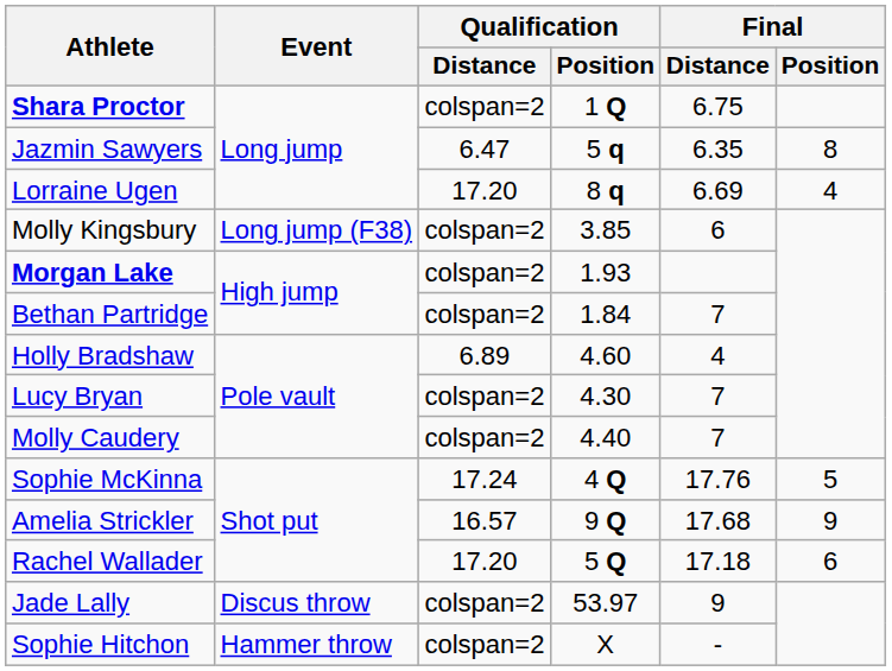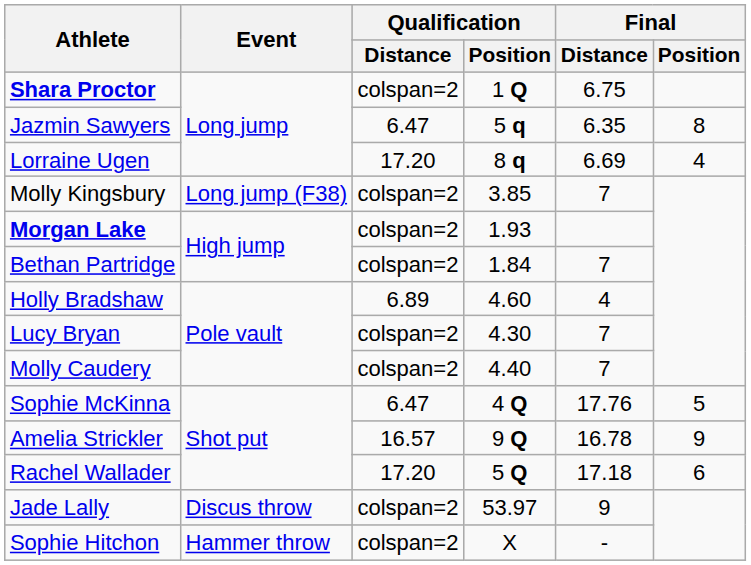 <table class=wikitable style="font-size:90%">
 <tr>
 <th rowspan="2">Athlete</th>
 <th rowspan="2">Event</th>
 <th colspan="2">Qualification</th>
 <th colspan="2">Final</th>
 </tr>
 <tr style="font-size:95%">
 <th>Distance</th>
 <th>Position</th>
 <th>Distance</th>
 <th>Position</th>
 </tr>
 <tr align=center>
 <td align=left><strong><a href='#'>Shara Proctor</a></strong></td>
 <td style="text-align:left;" rowspan="3"><a href='#'>Long jump</a></td>
 <td>colspan=2 </td>
 <td>1 <strong>Q</strong></td>
 <td>6.75</td>
 <td></td>
 </tr>
 <tr align=center>
 <td align=left><a href='#'>Jazmin Sawyers</a></td>
 <td>6.47</td>
 <td>5 <strong>q</strong></td>
 <td>6.35</td>
 <td>8</td>
 </tr>
 <tr align=center>
 <td align=left><a href='#'>Lorraine Ugen</a></td>
 <td>17.20</td>
 <td>8 <strong>q</strong></td>
 <td>6.69</td>
 <td>4</td>
 </tr>
 <tr align=center>
 <td align=left>Molly Kingsbury</td>
 <td style="text-align:left;" rowspan="1"><a href='#'>Long jump (F38)</a></td>
 <td>colspan=2 </td>
 <td>3.85</td>
-<td>6</td>
+<td>7</td>
 </tr>
 <tr align=center>
 <td align=left><strong><a href='#'>Morgan Lake</a></strong></td>
 <td style="text-align:left;" rowspan="2"><a href='#'>High jump</a></td>
 <td>colspan=2 </td>
 <td>1.93</td>
 <td></td>
 </tr>
 <tr align=center>
 <td align=left><a href='#'>Bethan Partridge</a></td>
 <td>colspan=2 </td>
 <td>1.84</td>
 <td>7</td>
 </tr>
 <tr align=center>
 <td align=left><a href='#'>Holly Bradshaw</a></td>
 <td style="text-align:left;" rowspan="3"><a href='#'>Pole vault</a></td>
 <td>6.89</td>
 <td>4.60</td>
 <td>4</td>
 </tr>
 <tr align=center>
 <td align=left><a href='#'>Lucy Bryan</a></td>
 <td>colspan=2 </td>
 <td>4.30</td>
 <td>7</td>
 </tr>
 <tr align=center>
 <td align=left><a href='#'>Molly Caudery</a></td>
 <td>colspan=2 </td>
 <td>4.40</td>
 <td>7</td>
 </tr>
 <tr align=center>
 <td align=left><a href='#'>Sophie McKinna</a></td>
 <td style="text-align:left;" rowspan="3"><a href='#'>Shot put</a></td>
-<td>17.24</td>
+<td>6.47</td>
 <td>4 <strong>Q</strong></td>
 <td>17.76</td>
 <td>5</td>
 </tr>
 <tr align=center>
 <td align=left><a href='#'>Amelia Strickler</a></td>
 <td>16.57</td>
 <td>9 <strong>Q</strong></td>
-<td>17.68</td>
+<td>16.78</td>
 <td>9</td>
 </tr>
 <tr align=center>
 <td align=left><a href='#'>Rachel Wallader</a></td>
 <td>17.20</td>
 <td>5 <strong>Q</strong></td>
 <td>17.18</td>
 <td>6</td>
 </tr>
 <tr align=center>
 <td align=left><a href='#'>Jade Lally</a></td>
 <td style="text-align:left;" rowspan="1"><a href='#'>Discus throw</a></td>
 <td>colspan=2 </td>
 <td>53.97</td>
 <td>9</td>
 </tr>
 <tr align=center>
 <td align=left><a href='#'>Sophie Hitchon</a></td>
 <td style="text-align:left;" rowspan="1"><a href='#'>Hammer throw</a></td>
 <td>colspan=2 </td>
 <td>X</td>
 <td>-</td>
 </tr>
 </table>
